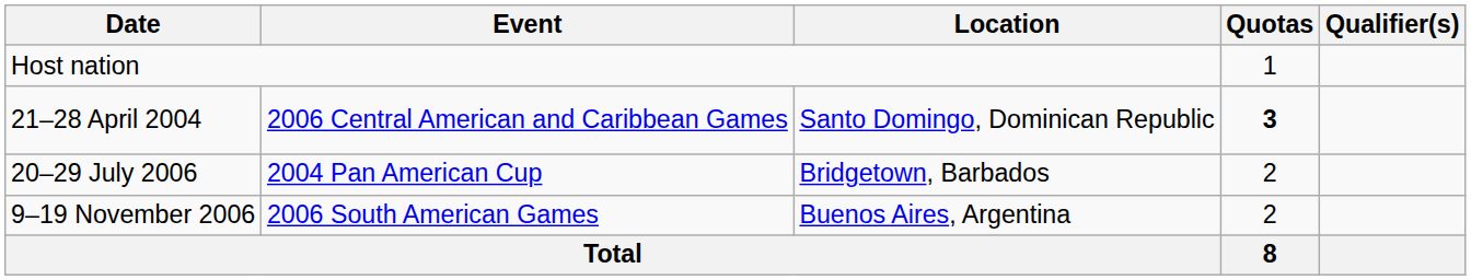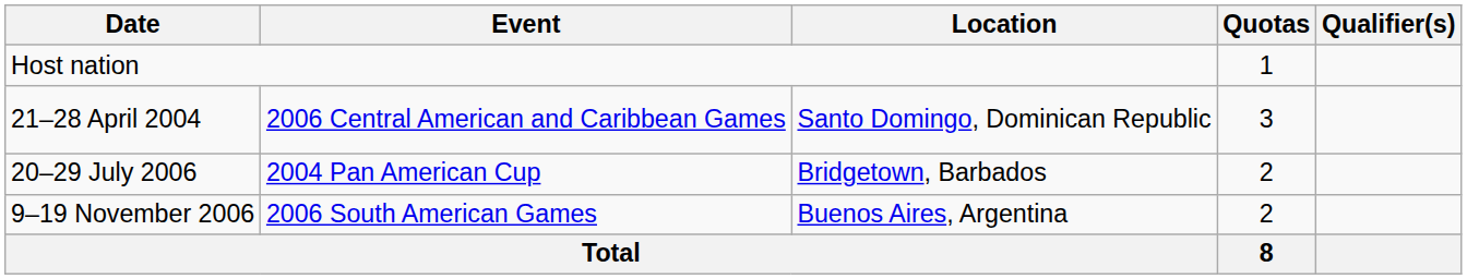 <table class="wikitable">
 <tr>
 <th>Date</th>
 <th>Event</th>
 <th>Location</th>
 <th>Quotas</th>
 <th>Qualifier(s)</th>
 </tr>
 <tr>
 <td colspan=3>Host nation</td>
 <td align=center>1</td>
 <td></td>
 </tr>
 <tr>
 <td>21–28 April 2004</td>
 <td><a href='#'>2006 Central American and Caribbean Games</a></td>
 <td><a href='#'>Santo Domingo</a>, Dominican Republic</td>
-<td align=center><strong>3</strong></td>
+<td align=center>3</td>
 <td><br><br></td>
 </tr>
 <tr>
 <td>20–29 July 2006</td>
 <td><a href='#'>2004 Pan American Cup</a></td>
 <td><a href='#'>Bridgetown</a>, Barbados</td>
 <td align=center>2</td>
 <td><br></td>
 </tr>
 <tr>
 <td>9–19 November 2006</td>
 <td><a href='#'>2006 South American Games</a></td>
 <td><a href='#'>Buenos Aires</a>, Argentina</td>
 <td align=center>2</td>
 <td><br></td>
 </tr>
 <tr>
 <th colspan=3>Total</th>
 <th>8</th>
 <th></th>
 </tr>
 </table>
